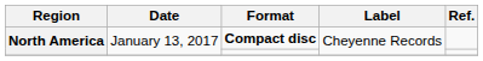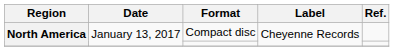 <table class="wikitable plainrowheaders">
 <tr>
 <th scope="col">Region</th>
 <th scope="col">Date</th>
 <th scope="col">Format</th>
 <th scope="col">Label</th>
 <th scope="col">Ref.</th>
 </tr>
 <tr>
 <th scope="row" rowspan="2">North America</th>
 <td rowspan="2">January 13, 2017</td>
-<td><strong>Compact disc</strong></td>
+<td>Compact disc</td>
 <td rowspan="2">Cheyenne Records</td>
 <td></td>
 </tr>
 <tr>
 <td></td>
 <td></td>
 </tr>
 <tr>
 </tr>
 </table>
